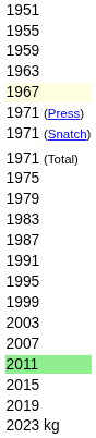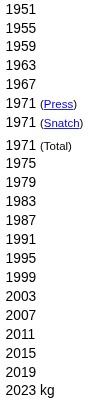 <table>
 <tr>
 <td>1951</td>
 <td></td>
 <td></td>
 <td></td>
 </tr>
 <tr>
 <td>1955</td>
 <td></td>
 <td></td>
 <td></td>
 </tr>
 <tr>
 <td>1959</td>
 <td></td>
 <td></td>
 <td></td>
 </tr>
 <tr>
 <td>1963</td>
 <td></td>
 <td></td>
 <td></td>
 </tr>
 <tr>
-<td style="background: lightyellow;">1967</td>
+<td>1967</td>
 <td></td>
 <td></td>
 <td></td>
 </tr>
 <tr>
 <td>1971 <small>(<a href='#'>Press</a>)</small></td>
 <td></td>
 <td></td>
 <td></td>
 </tr>
 <tr>
 <td>1971 <small>(<a href='#'>Snatch</a>)</small></td>
 <td></td>
 <td></td>
 <td></td>
 </tr>
 <tr>
 <td></td>
 <td></td>
 <td></td>
 <td></td>
 </tr>
 <tr>
 <td>1971 <small>(Total)</small></td>
 <td></td>
 <td></td>
 <td></td>
 </tr>
 <tr>
 <td>1975</td>
 <td></td>
 <td></td>
 <td></td>
 </tr>
 <tr>
 <td>1979</td>
 <td></td>
 <td></td>
 <td></td>
 </tr>
 <tr>
 <td>1983</td>
 <td></td>
 <td></td>
 <td></td>
 </tr>
 <tr>
 <td>1987</td>
 <td></td>
 <td></td>
 <td></td>
 </tr>
 <tr>
 <td>1991</td>
 <td></td>
 <td></td>
 <td></td>
 </tr>
 <tr>
 <td>1995</td>
 <td></td>
 <td></td>
 <td></td>
 </tr>
 <tr>
 <td>1999</td>
 <td></td>
 <td></td>
 <td></td>
 </tr>
 <tr>
 <td>2003</td>
 <td></td>
 <td></td>
 <td></td>
 </tr>
 <tr>
 <td>2007</td>
 <td align="left"></td>
 <td align="left"></td>
 <td align="left"></td>
 </tr>
 <tr>
-<td style="background: lightgreen;">2011<br></td>
+<td>2011<br></td>
 <td></td>
 <td></td>
 <td></td>
 </tr>
 <tr>
 <td>2015<br></td>
 <td></td>
 <td></td>
 <td></td>
 </tr>
 <tr>
 <td>2019<br></td>
 <td></td>
 <td></td>
 <td></td>
 </tr>
 <tr>
 <td>2023 kg<br></td>
 <td></td>
 <td></td>
 <td></td>
 </tr>
 </table>
